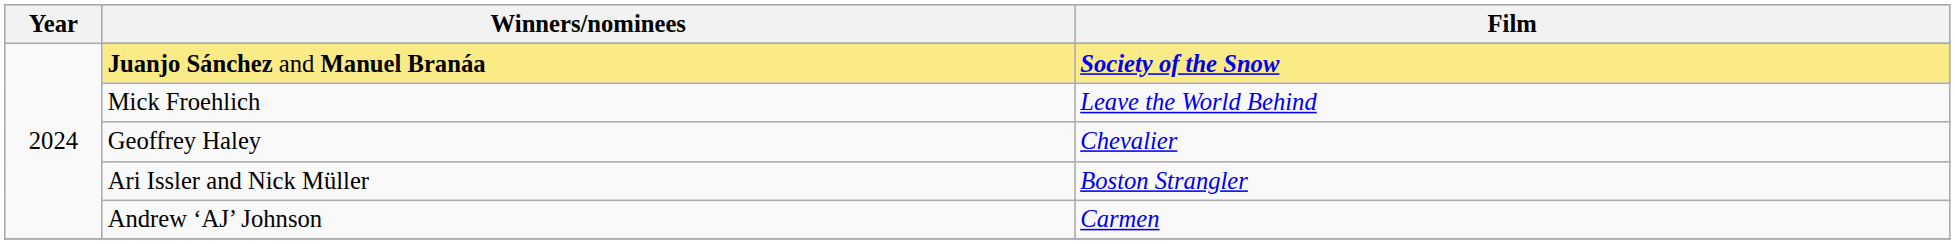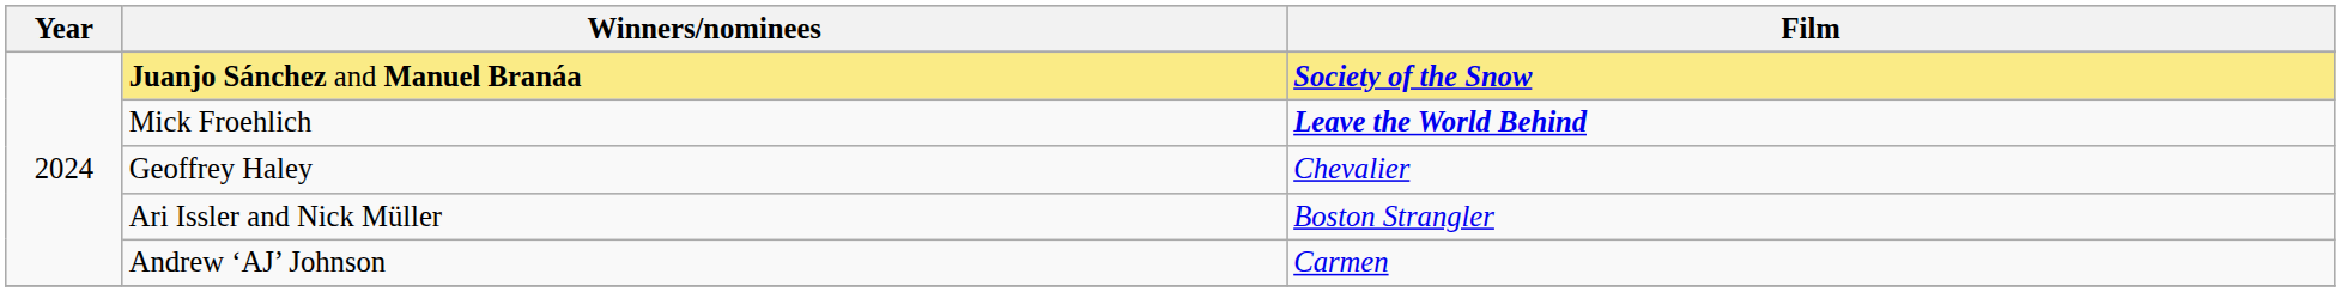 <table class="wikitable" style="width:100%">
 <tr bgcolor="#bebebe">
 <th width="5%">Year</th>
 <th width="50%">Winners/nominees</th>
 <th width="50%">Film</th>
 </tr>
 <tr>
 <td rowspan=6 style="text-align:center">2024<small><br></small></td>
 </tr>
 <tr style="background:#FAEB86">
 <td><strong>Juanjo Sánchez</strong> and <strong>Manuel Branáa</strong></td>
 <td><strong><em><a href='#'>Society of the Snow</a></em></strong></td>
 </tr>
 <tr>
 <td>Mick Froehlich</td>
-<td><em><a href='#'>Leave the World Behind</a></em></td>
+<td><strong><em><a href='#'>Leave the World Behind</a></em></strong></td>
 </tr>
 <tr>
 <td>Geoffrey Haley</td>
 <td><em><a href='#'>Chevalier</a></em></td>
 </tr>
 <tr>
 <td>Ari Issler and Nick Müller</td>
 <td><em><a href='#'>Boston Strangler</a></em></td>
 </tr>
 <tr>
 <td>Andrew ‘AJ’ Johnson</td>
 <td><em><a href='#'>Carmen</a></em></td>
 </tr>
 <tr>
 </tr>
 </table>
